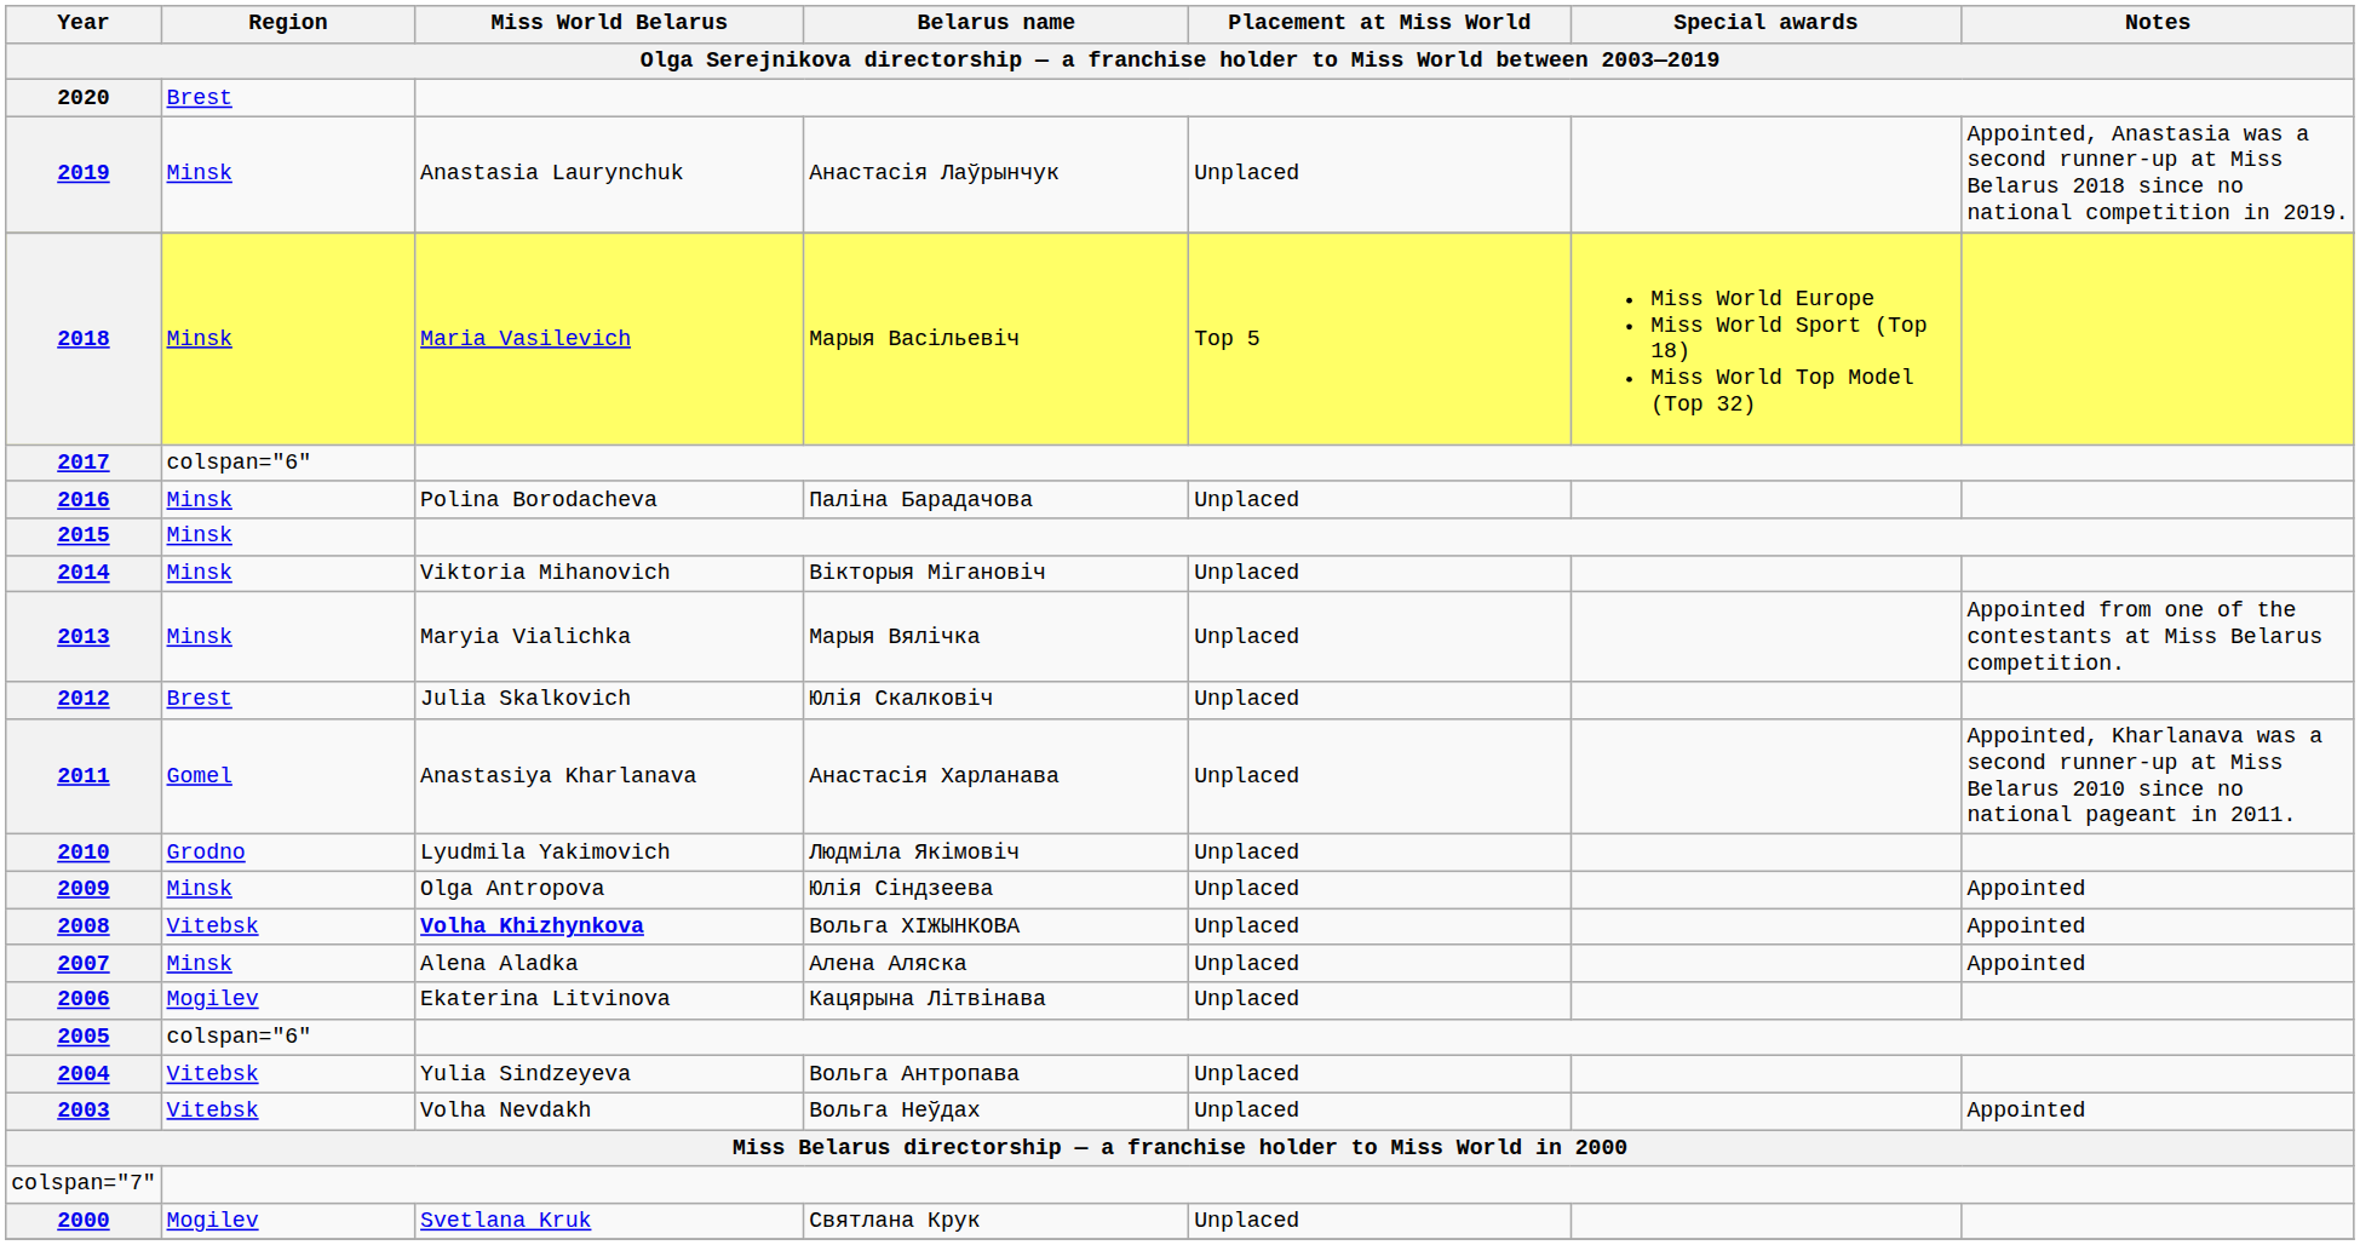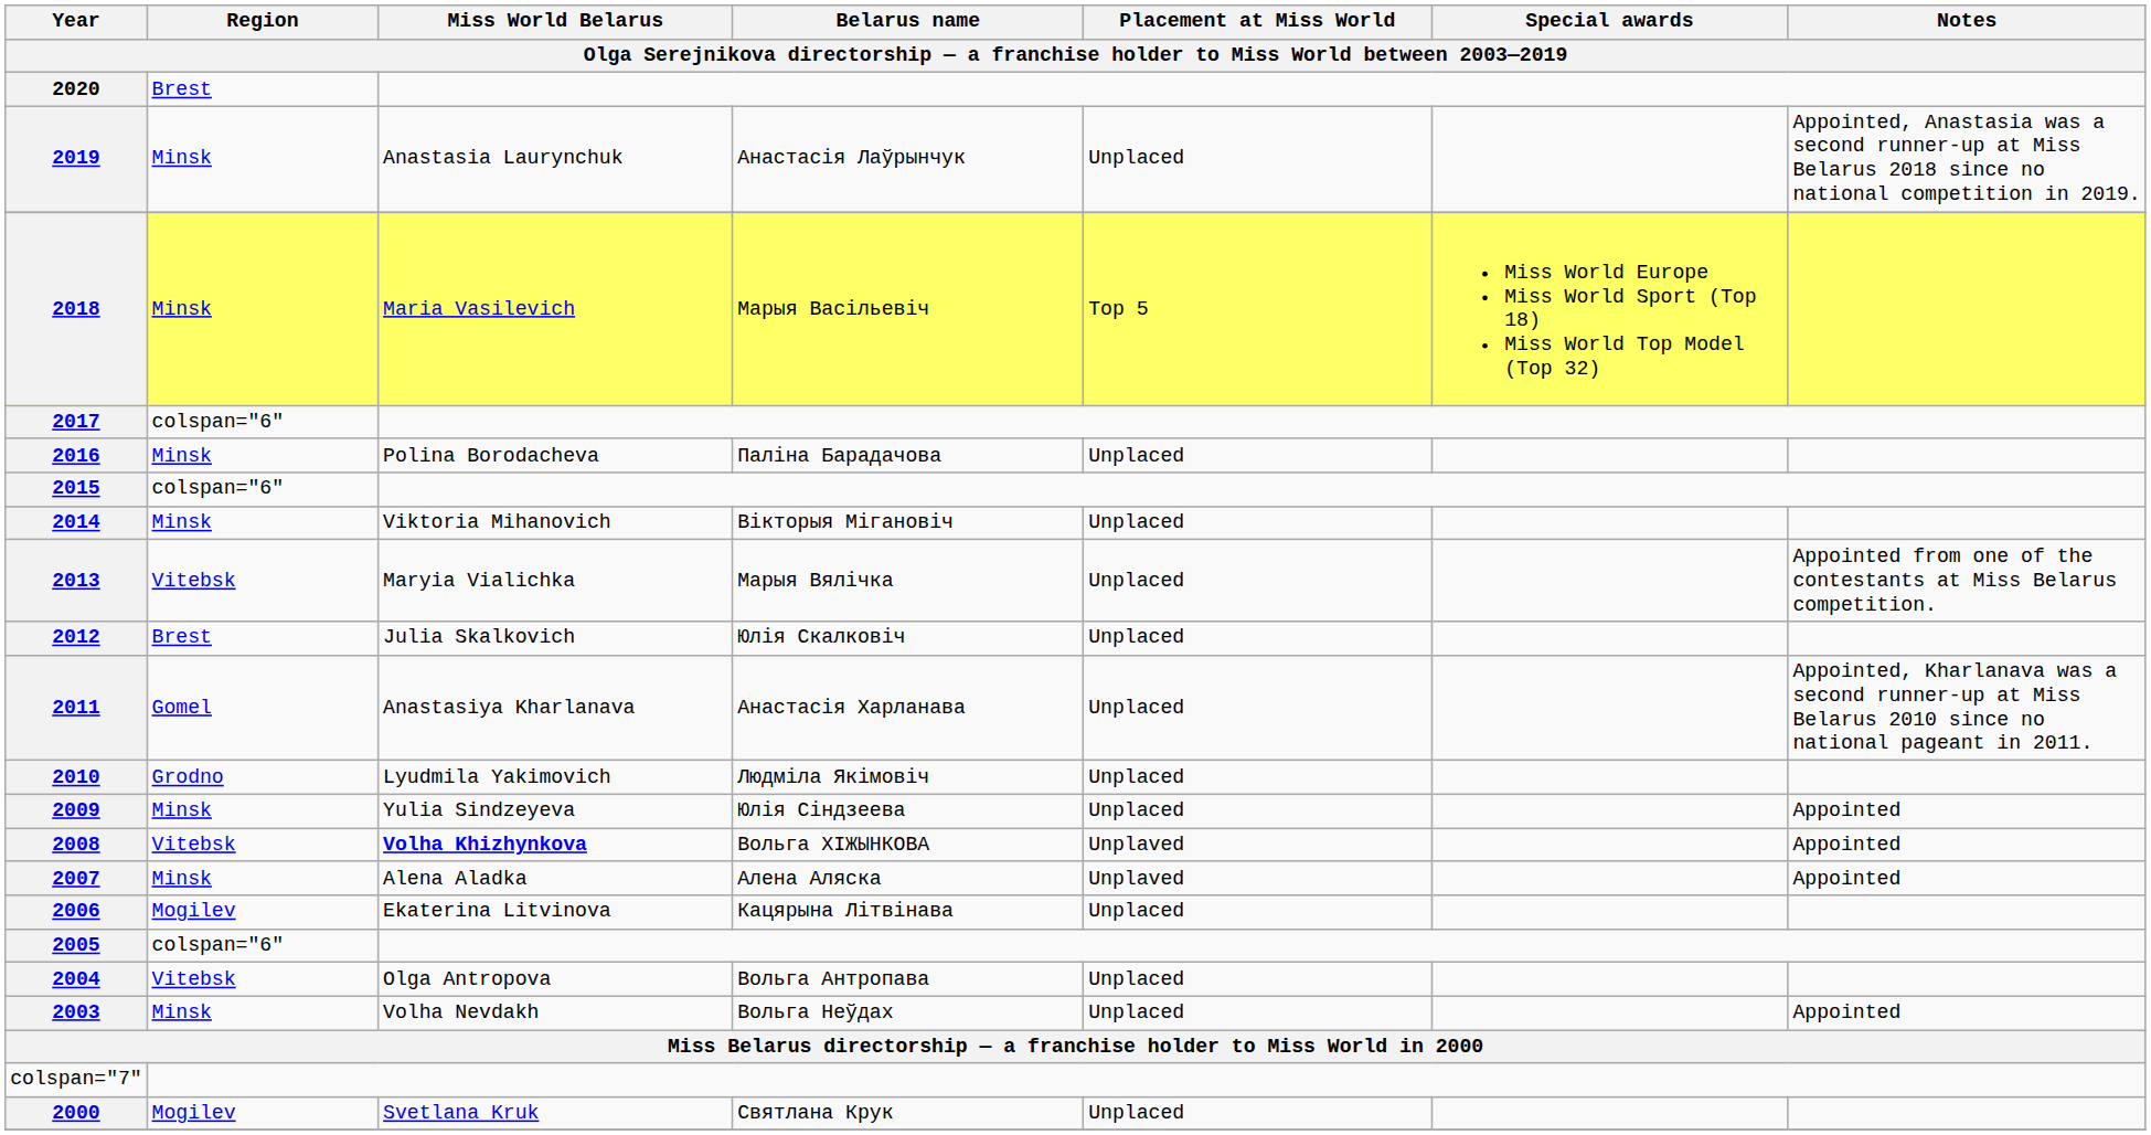 <table class="wikitable " style="font-size: 90%;">
 <tr>
 <th width="60">Year</th>
 <th width="150">Region</th>
 <th width="250">Miss World Belarus</th>
 <th width="250">Belarus name</th>
 <th width="250">Placement at Miss World</th>
 <th width="250">Special awards</th>
 <th width="250">Notes</th>
 </tr>
 <tr>
 <th colspan="7">Olga Serejnikova directorship — a franchise holder to Miss World between 2003—2019</th>
 </tr>
 <tr>
 <th>2020</th>
 <td><a href='#'>Brest</a></td>
 </tr>
 <tr>
 <th><a href='#'>2019</a></th>
 <td><a href='#'>Minsk</a></td>
 <td>Anastasia Laurynchuk</td>
 <td>Анастасія Лаўрынчук</td>
 <td>Unplaced</td>
 <td></td>
 <td>Appointed, Anastasia was a second runner-up at Miss Belarus 2018 since no national competition in 2019.</td>
 </tr>
 <tr>
 </tr>
 <tr style="background-color:#FFFF66;">
 <th><a href='#'>2018</a></th>
 <td><a href='#'>Minsk</a></td>
 <td><a href='#'>Maria Vasilevich</a></td>
 <td>Марыя Васільевіч</td>
 <td>Top 5</td>
 <td><br><ul><li>Miss World Europe</li><li>Miss World Sport (Top 18)</li><li>Miss World Top Model (Top 32)</li></ul></td>
 <td></td>
 </tr>
 <tr>
 <th><a href='#'>2017</a></th>
 <td>colspan="6" </td>
 </tr>
 <tr>
 <th><a href='#'>2016</a></th>
 <td><a href='#'>Minsk</a></td>
 <td>Polina Borodacheva</td>
 <td>Паліна Барадачова</td>
 <td>Unplaced</td>
 <td></td>
 <td></td>
 </tr>
 <tr>
 <th><a href='#'>2015</a></th>
-<td><a href='#'>Minsk</a></td>
+<td>colspan="6" </td>
 </tr>
 <tr>
 <th><a href='#'>2014</a></th>
 <td><a href='#'>Minsk</a></td>
 <td>Viktoria Mihanovich</td>
 <td>Вікторыя Мігановіч</td>
 <td>Unplaced</td>
 <td></td>
 <td></td>
 </tr>
 <tr>
 <th><a href='#'>2013</a></th>
-<td><a href='#'>Minsk</a></td>
+<td><a href='#'>Vitebsk</a></td>
 <td>Maryia Vialichka</td>
 <td>Марыя Вялічка</td>
 <td>Unplaced</td>
 <td></td>
 <td>Appointed from one of the contestants at Miss Belarus competition.</td>
 </tr>
 <tr>
 <th><a href='#'>2012</a></th>
 <td><a href='#'>Brest</a></td>
 <td>Julia Skalkovich</td>
 <td>Юлія Скалковіч</td>
 <td>Unplaced</td>
 <td></td>
 <td></td>
 </tr>
 <tr>
 <th><a href='#'>2011</a></th>
 <td><a href='#'>Gomel</a></td>
 <td>Anastasiya Kharlanava</td>
 <td>Анастасія Харланава</td>
 <td>Unplaced</td>
 <td></td>
 <td>Appointed, Kharlanava was a second runner-up at Miss Belarus 2010 since no national pageant in 2011.</td>
 </tr>
 <tr>
 <th><a href='#'>2010</a></th>
 <td><a href='#'>Grodno</a></td>
 <td>Lyudmila Yakimovich</td>
 <td>Людміла Якімовіч</td>
 <td>Unplaced</td>
 <td></td>
 <td></td>
 </tr>
 <tr>
 <th><a href='#'>2009</a></th>
 <td><a href='#'>Minsk</a></td>
-<td>Olga Antropova</td>
+<td>Yulia Sindzeyeva</td>
 <td>Юлія Сіндзеева</td>
 <td>Unplaced</td>
 <td></td>
 <td>Appointed</td>
 </tr>
 <tr>
 <th><a href='#'>2008</a></th>
 <td><a href='#'>Vitebsk</a></td>
 <td><strong><a href='#'>Volha Khizhynkova</a></strong></td>
 <td>Вольга ХІЖЫНКОВА</td>
-<td>Unplaced</td>
+<td>Unplaved</td>
 <td></td>
 <td>Appointed</td>
 </tr>
 <tr>
 <th><a href='#'>2007</a></th>
 <td><a href='#'>Minsk</a></td>
 <td>Alena Aladka</td>
 <td>Алена Аляска</td>
-<td>Unplaced</td>
+<td>Unplaved</td>
 <td></td>
 <td>Appointed</td>
 </tr>
 <tr>
 <th><a href='#'>2006</a></th>
 <td><a href='#'>Mogilev</a></td>
 <td>Ekaterina Litvinova</td>
 <td>Кацярына Літвінава</td>
 <td>Unplaced</td>
 <td></td>
 <td></td>
 </tr>
 <tr>
 <th><a href='#'>2005</a></th>
 <td>colspan="6" </td>
 </tr>
 <tr>
 <th><a href='#'>2004</a></th>
 <td><a href='#'>Vitebsk</a></td>
-<td>Yulia Sindzeyeva</td>
+<td>Olga Antropova</td>
 <td>Вольга Антропава</td>
 <td>Unplaced</td>
 <td></td>
 <td></td>
 </tr>
 <tr>
 <th><a href='#'>2003</a></th>
-<td><a href='#'>Vitebsk</a></td>
+<td><a href='#'>Minsk</a></td>
 <td>Volha Nevdakh</td>
 <td>Вольга Неўдах</td>
 <td>Unplaced</td>
 <td></td>
 <td>Appointed</td>
 </tr>
 <tr>
 <th colspan="7">Miss Belarus directorship — a franchise holder to Miss World in 2000</th>
 </tr>
 <tr>
 <td>colspan="7" </td>
 </tr>
 <tr>
 <th><a href='#'>2000</a></th>
 <td><a href='#'>Mogilev</a></td>
 <td><a href='#'>Svetlana Kruk</a></td>
 <td>Святлана Крук</td>
 <td>Unplaced</td>
 <td></td>
 <td></td>
 </tr>
 <tr>
 </tr>
 </table>
